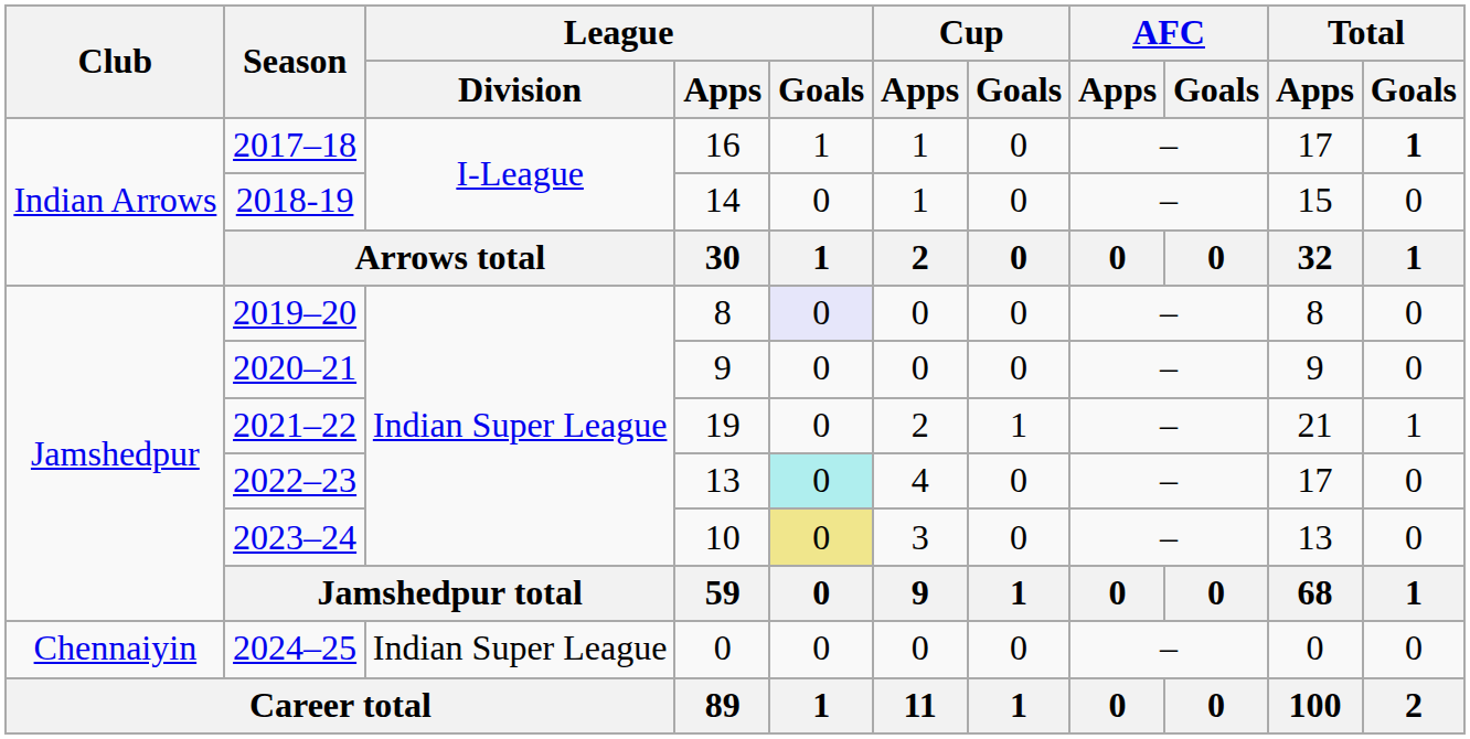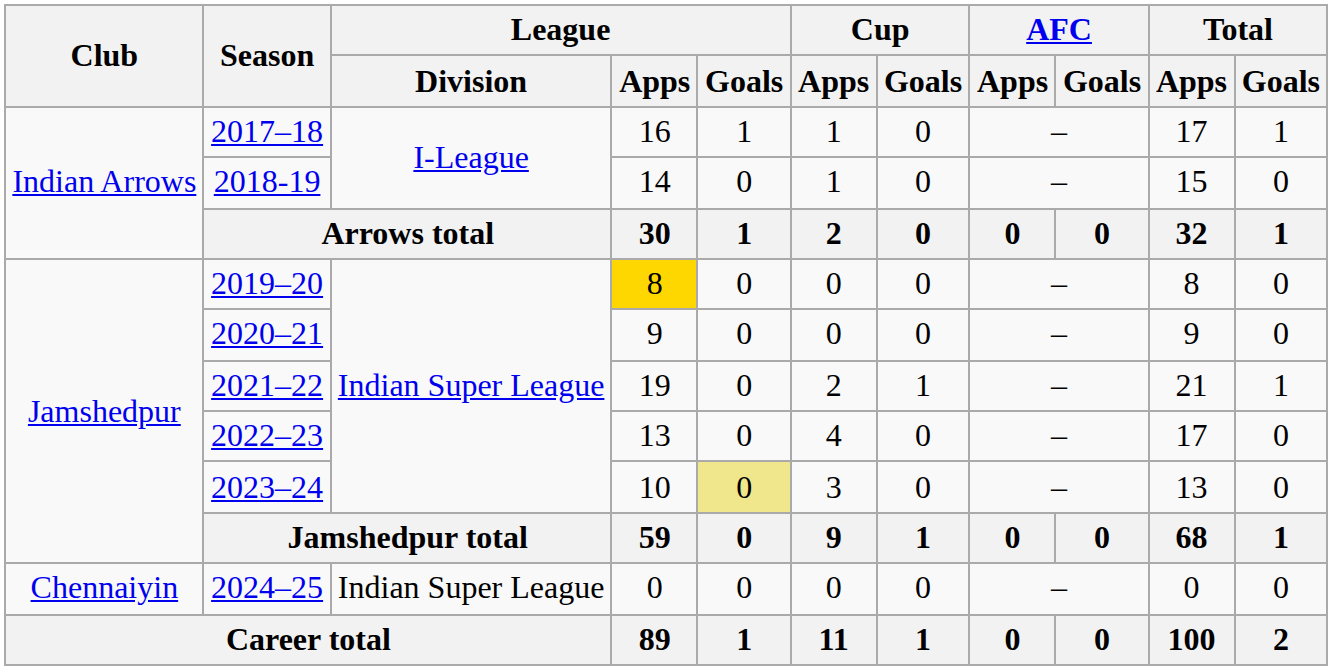 <table class="wikitable" style="text-align: center;">
 <tr>
 <th rowspan="2">Club</th>
 <th rowspan="2">Season</th>
 <th colspan="3">League</th>
 <th colspan="2">Cup</th>
 <th colspan="2"><a href='#'>AFC</a></th>
 <th colspan="2">Total</th>
 </tr>
 <tr>
 <th>Division</th>
 <th>Apps</th>
 <th>Goals</th>
 <th>Apps</th>
 <th>Goals</th>
 <th>Apps</th>
 <th>Goals</th>
 <th>Apps</th>
 <th>Goals</th>
 </tr>
 <tr>
 <td rowspan="3"><a href='#'>Indian Arrows</a></td>
 <td><a href='#'>2017–18</a></td>
 <td rowspan="2"><a href='#'>I-League</a></td>
 <td>16</td>
 <td>1</td>
 <td>1</td>
 <td>0</td>
 <td colspan="2">–</td>
 <td>17</td>
-<td><strong>1</strong></td>
+<td>1</td>
 </tr>
 <tr>
 <td><a href='#'>2018-19</a></td>
 <td>14</td>
 <td>0</td>
 <td>1</td>
 <td>0</td>
 <td colspan="2">–</td>
 <td>15</td>
 <td>0</td>
 </tr>
 <tr>
 <th colspan="2">Arrows total</th>
 <th>30</th>
 <th>1</th>
 <th>2</th>
 <th>0</th>
 <th>0</th>
 <th>0</th>
 <th>32</th>
 <th>1</th>
 </tr>
 <tr>
 <td rowspan="6"><a href='#'>Jamshedpur</a></td>
 <td><a href='#'>2019–20</a></td>
 <td rowspan="5"><a href='#'>Indian Super League</a></td>
-<td>8</td>
-<td style="background: lavender;">0</td>
+<td style="background: gold;">8</td>
+<td>0</td>
 <td>0</td>
 <td>0</td>
 <td colspan="2">–</td>
 <td>8</td>
 <td>0</td>
 </tr>
 <tr>
 <td><a href='#'>2020–21</a></td>
 <td>9</td>
 <td>0</td>
 <td>0</td>
 <td>0</td>
 <td colspan="2">–</td>
 <td>9</td>
 <td>0</td>
 </tr>
 <tr>
 <td><a href='#'>2021–22</a></td>
 <td>19</td>
 <td>0</td>
 <td>2</td>
 <td>1</td>
 <td colspan="2">–</td>
 <td>21</td>
 <td>1</td>
 </tr>
 <tr>
 <td><a href='#'>2022–23</a></td>
 <td>13</td>
-<td style="background: paleturquoise;">0</td>
+<td>0</td>
 <td>4</td>
 <td>0</td>
 <td colspan="2">–</td>
 <td>17</td>
 <td>0</td>
 </tr>
 <tr>
 <td><a href='#'>2023–24</a></td>
 <td>10</td>
 <td style="background: khaki;">0</td>
 <td>3</td>
 <td>0</td>
 <td colspan="2">–</td>
 <td>13</td>
 <td>0</td>
 </tr>
 <tr>
 <th colspan="2">Jamshedpur total</th>
 <th>59</th>
 <th>0</th>
 <th>9</th>
 <th>1</th>
 <th>0</th>
 <th>0</th>
 <th>68</th>
 <th>1</th>
 </tr>
 <tr>
 <td rowspan="1"><a href='#'>Chennaiyin</a></td>
 <td><a href='#'>2024–25</a></td>
 <td rowspan="1">Indian Super League</td>
 <td>0</td>
 <td>0</td>
 <td>0</td>
 <td>0</td>
 <td colspan="2">–</td>
 <td>0</td>
 <td>0</td>
 </tr>
 <tr>
 <th colspan="3">Career total</th>
 <th>89</th>
 <th>1</th>
 <th>11</th>
 <th>1</th>
 <th>0</th>
 <th>0</th>
 <th>100</th>
 <th>2</th>
 </tr>
 </table>
